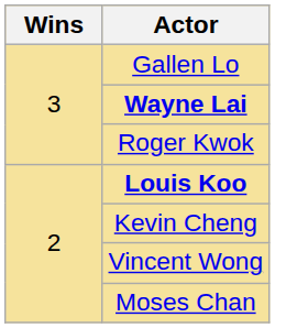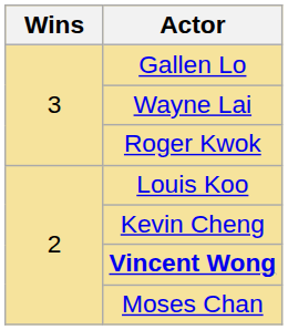 <table class="wikitable" rowspan=2 style="text-align: center; background: #f6e39c">
 <tr>
 <th scope="col" width="55">Wins</th>
 <th scope="col" align="center">Actor</th>
 </tr>
 <tr>
 <td rowspan=3 style="text-align:center;">3</td>
 <td><a href='#'>Gallen Lo</a></td>
 </tr>
 <tr>
-<td><strong><a href='#'>Wayne Lai</a></strong></td>
+<td><a href='#'>Wayne Lai</a></td>
 </tr>
 <tr>
 <td><a href='#'>Roger Kwok</a></td>
 </tr>
 <tr>
 <td rowspan=4 style="text-align:center;">2</td>
-<td><strong><a href='#'>Louis Koo</a></strong></td>
+<td><a href='#'>Louis Koo</a></td>
 </tr>
 <tr>
 <td><a href='#'>Kevin Cheng</a></td>
 </tr>
 <tr>
-<td><a href='#'>Vincent Wong</a></td>
+<td><strong><a href='#'>Vincent Wong</a></strong></td>
 </tr>
 <tr>
 <td><a href='#'>Moses Chan</a></td>
 </tr>
 </table>
